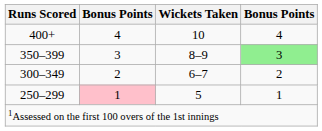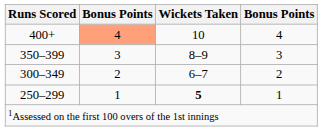 <table class="wikitable" style="margin: 1em auto 1em auto">
 <tr>
 <th>Runs Scored</th>
 <th>Bonus Points</th>
 <th>Wickets Taken</th>
 <th>Bonus Points</th>
 </tr>
 <tr style="text-align:center;">
 <td>400+</td>
-<td>4</td>
+<td style="background: lightsalmon;">4</td>
 <td>10</td>
 <td>4</td>
 </tr>
 <tr style="text-align:center;">
 <td>350–399</td>
 <td>3</td>
 <td>8–9</td>
-<td style="background: lightgreen;">3</td>
+<td>3</td>
 </tr>
 <tr style="text-align:center;">
 <td>300–349</td>
 <td>2</td>
 <td>6–7</td>
 <td>2</td>
 </tr>
 <tr style="text-align:center;">
 <td>250–299</td>
-<td style="background: pink;">1</td>
-<td>5</td>
+<td>1</td>
+<td><strong>5</strong></td>
 <td>1</td>
 </tr>
 <tr>
 <td colspan="4"><small><sup>1</sup>Assessed on the first 100 overs of the 1st innings</small></td>
 </tr>
 </table>
